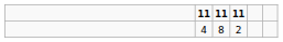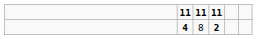 <table class="wikitable">
 <tr>
 <td style="width:18em"></td>
 <td align=center style="width:1em"><strong>11</strong></td>
 <td align=center style="width:1em"><strong>11</strong></td>
 <td align=center style="width:1em"><strong>11</strong></td>
 <td align=center style="width:1em"></td>
 <td align=center style="width:1em"></td>
 </tr>
 <tr>
 <td style="width:18em"></td>
-<td align=center style="width:1em">4</td>
+<td align=center style="width:1em"><strong>4</strong></td>
 <td align=center style="width:1em">8</td>
-<td align=center style="width:1em">2</td>
+<td align=center style="width:1em"><strong>2</strong></td>
 <td align=center style="width:1em"></td>
 <td align=center style="width:1em"></td>
 </tr>
 </table>
